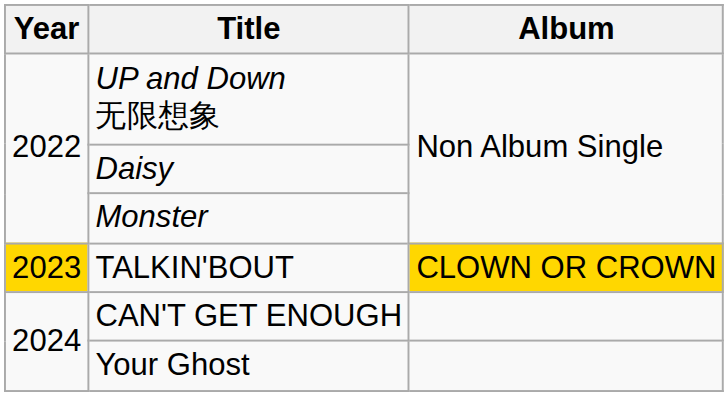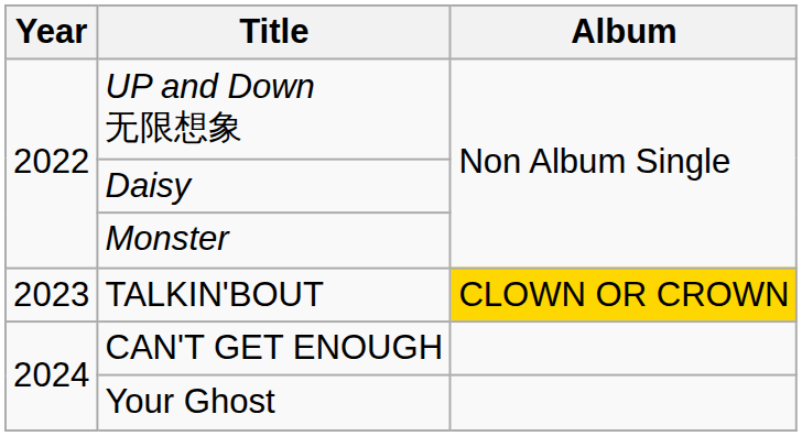 <table class="wikitable sortable">
 <tr>
 <th>Year</th>
 <th>Title</th>
 <th>Album</th>
 </tr>
 <tr>
 <td rowspan="3">2022</td>
 <td><em>UP and Down</em><br>无限想象</td>
 <td rowspan="3">Non Album Single</td>
 </tr>
 <tr>
 <td><em>Daisy</em></td>
 </tr>
 <tr>
 <td><em>Monster</em></td>
 </tr>
 <tr>
-<td style="background: gold;">2023</td>
+<td>2023</td>
 <td>TALKIN'BOUT</td>
 <td style="background: gold;">CLOWN OR CROWN</td>
 </tr>
 <tr>
 <td rowspan="2">2024</td>
 <td>CAN'T GET ENOUGH</td>
 <td></td>
 </tr>
 <tr>
 <td>Your Ghost</td>
 <td></td>
 </tr>
 </table>
